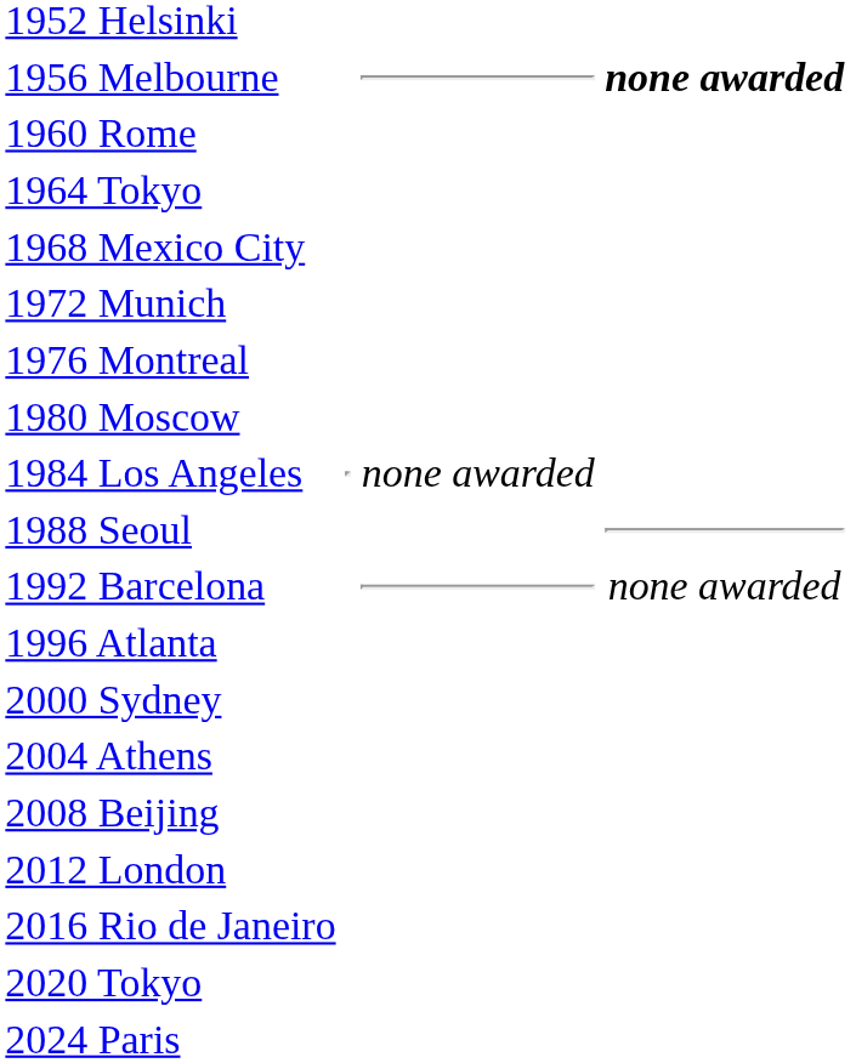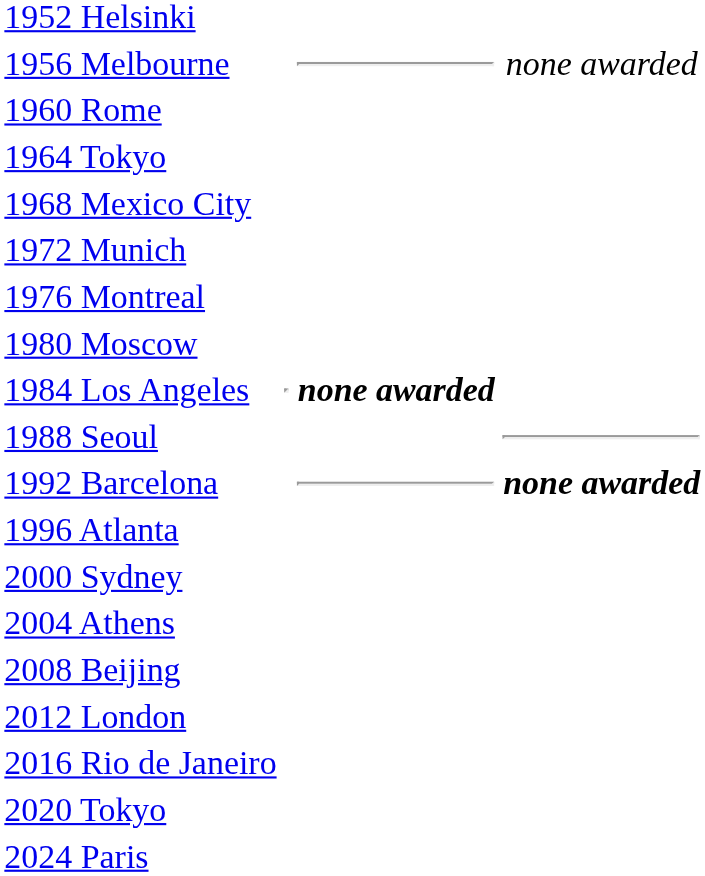 <table>
 <tr>
 <td><a href='#'>1952 Helsinki</a><br></td>
 <td></td>
 <td></td>
 <td></td>
 </tr>
 <tr>
 <td><a href='#'>1956 Melbourne</a><br></td>
 <td></td>
 <td><hr></td>
-<td align="center"><strong><em>none awarded</em></strong></td>
+<td align="center"><em>none awarded</em></td>
 </tr>
 <tr>
 <td><a href='#'>1960 Rome</a><br></td>
 <td></td>
 <td></td>
 <td></td>
 </tr>
 <tr>
 <td><a href='#'>1964 Tokyo</a><br></td>
 <td></td>
 <td></td>
 <td></td>
 </tr>
 <tr>
 <td><a href='#'>1968 Mexico City</a><br></td>
 <td></td>
 <td></td>
 <td></td>
 </tr>
 <tr>
 <td><a href='#'>1972 Munich</a><br></td>
 <td></td>
 <td></td>
 <td></td>
 </tr>
 <tr>
 <td><a href='#'>1976 Montreal</a><br></td>
 <td></td>
 <td></td>
 <td></td>
 </tr>
 <tr>
 <td><a href='#'>1980 Moscow</a><br></td>
 <td></td>
 <td></td>
 <td></td>
 </tr>
 <tr>
 <td><a href='#'>1984 Los Angeles</a><br></td>
 <td><hr></td>
-<td align="center"><em>none awarded</em></td>
+<td align="center"><strong><em>none awarded</em></strong></td>
 <td></td>
 </tr>
 <tr>
 <td><a href='#'>1988 Seoul</a><br></td>
 <td></td>
 <td></td>
 <td><hr></td>
 </tr>
 <tr>
 <td><a href='#'>1992 Barcelona</a><br></td>
 <td></td>
 <td><hr></td>
-<td align="center"><em>none awarded</em></td>
+<td align="center"><strong><em>none awarded</em></strong></td>
 </tr>
 <tr>
 <td><a href='#'>1996 Atlanta</a><br></td>
 <td></td>
 <td></td>
 <td></td>
 </tr>
 <tr>
 <td><a href='#'>2000 Sydney</a><br></td>
 <td></td>
 <td></td>
 <td></td>
 </tr>
 <tr>
 <td><a href='#'>2004 Athens</a><br></td>
 <td></td>
 <td></td>
 <td></td>
 </tr>
 <tr>
 <td><a href='#'>2008 Beijing</a><br></td>
 <td></td>
 <td></td>
 <td></td>
 </tr>
 <tr>
 <td><a href='#'>2012 London</a><br></td>
 <td></td>
 <td></td>
 <td></td>
 </tr>
 <tr>
 <td><a href='#'>2016 Rio de Janeiro</a><br></td>
 <td></td>
 <td></td>
 <td></td>
 </tr>
 <tr>
 <td><a href='#'>2020 Tokyo</a><br></td>
 <td></td>
 <td></td>
 <td></td>
 </tr>
 <tr>
 <td><a href='#'>2024 Paris</a><br></td>
 <td></td>
 <td></td>
 <td></td>
 </tr>
 </table>
